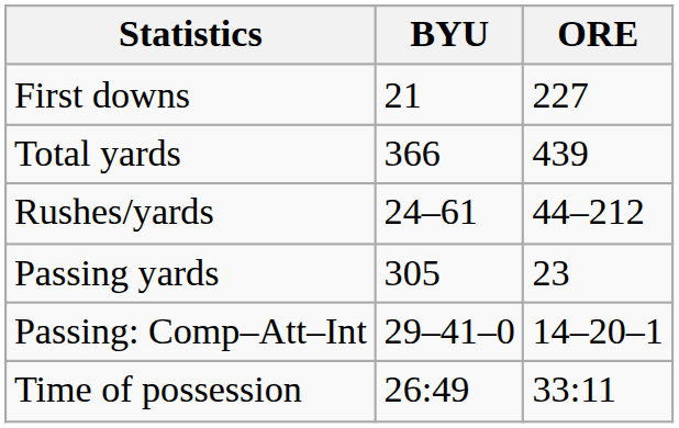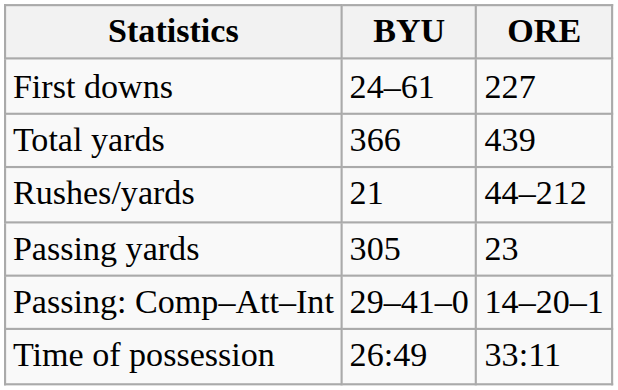 <table class="wikitable" style="float: left;">
 <tr>
 <th>Statistics</th>
 <th>BYU</th>
 <th>ORE</th>
 </tr>
 <tr>
 <td>First downs</td>
-<td>21</td>
+<td>24–61</td>
 <td>227</td>
 </tr>
 <tr>
 <td>Total yards</td>
 <td>366</td>
 <td>439</td>
 </tr>
 <tr>
 <td>Rushes/yards</td>
-<td>24–61</td>
+<td>21</td>
 <td>44–212</td>
 </tr>
 <tr>
 <td>Passing yards</td>
 <td>305</td>
 <td>23</td>
 </tr>
 <tr>
 <td>Passing: Comp–Att–Int</td>
 <td>29–41–0</td>
 <td>14–20–1</td>
 </tr>
 <tr>
 <td>Time of possession</td>
 <td>26:49</td>
 <td>33:11</td>
 </tr>
 </table>
